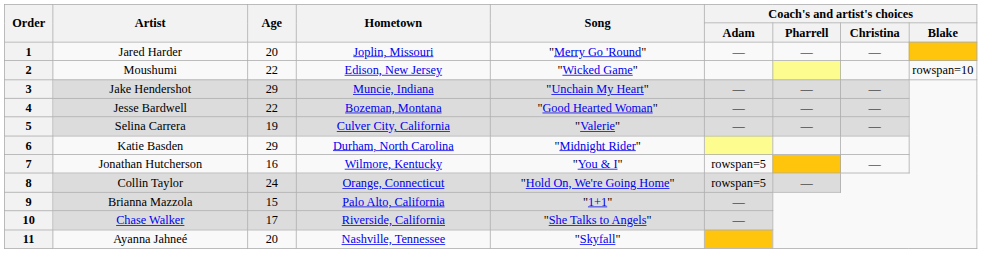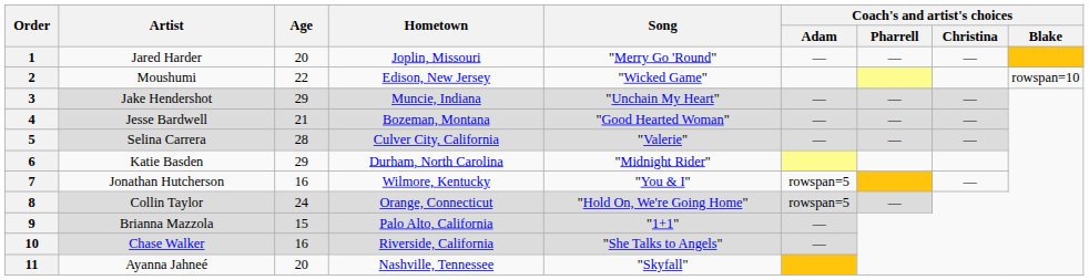 <table class="wikitable" style="text-align:center; line-height:17px; width:100%;">
 <tr>
 <th scope="col" rowspan="2" style="width:05%;">Order</th>
 <th scope="col" rowspan="2" style="width:20%;">Artist</th>
 <th scope="col" rowspan="2" style="width:05%;">Age</th>
 <th scope="col" rowspan="2" style="width:20%;">Hometown</th>
 <th scope="col" rowspan="2" style="width:22%;">Song</th>
 <th scope="col" colspan="4" style="width:28%;">Coach's and artist's choices</th>
 </tr>
 <tr>
 <th style="width:07%;">Adam</th>
 <th style="width:07%;">Pharrell</th>
 <th style="width:07%;">Christina</th>
 <th style="width:07%;">Blake</th>
 </tr>
 <tr>
 <th>1</th>
 <td>Jared Harder</td>
 <td>20</td>
 <td><a href='#'>Joplin, Missouri</a></td>
 <td>"<a href='#'>Merry Go 'Round</a>"</td>
 <td>—</td>
 <td>—</td>
 <td>—</td>
 <td style="background:#FFC40C;"><strong></strong></td>
 </tr>
 <tr>
 <th>2</th>
 <td>Moushumi</td>
 <td>22</td>
 <td><a href='#'>Edison, New Jersey</a></td>
 <td>"<a href='#'>Wicked Game</a>"</td>
 <td><strong></strong></td>
 <td style="background:#fdfc8f;"><strong></strong></td>
 <td><strong></strong></td>
 <td>rowspan=10 </td>
 </tr>
 <tr style="background:#DCDCDC;">
 <th>3</th>
 <td>Jake Hendershot</td>
 <td>29</td>
 <td><a href='#'>Muncie, Indiana</a></td>
 <td>"<a href='#'>Unchain My Heart</a>"</td>
 <td>—</td>
 <td>—</td>
 <td>—</td>
 </tr>
 <tr style="background:#DCDCDC;">
 <th>4</th>
 <td>Jesse Bardwell</td>
-<td>22</td>
+<td>21</td>
 <td><a href='#'>Bozeman, Montana</a></td>
 <td>"<a href='#'>Good Hearted Woman</a>"</td>
 <td>—</td>
 <td>—</td>
 <td>—</td>
 </tr>
 <tr style="background:#DCDCDC;">
 <th>5</th>
 <td>Selina Carrera</td>
-<td>19</td>
+<td>28</td>
 <td><a href='#'>Culver City, California</a></td>
 <td>"<a href='#'>Valerie</a>"</td>
 <td>—</td>
 <td>—</td>
 <td>—</td>
 </tr>
 <tr>
 <th>6</th>
 <td>Katie Basden</td>
 <td>29</td>
 <td><a href='#'>Durham, North Carolina</a></td>
 <td>"<a href='#'>Midnight Rider</a>"</td>
 <td style="background:#fdfc8f;"><strong></strong></td>
 <td><strong></strong></td>
 <td><strong></strong></td>
 </tr>
 <tr>
 <th>7</th>
 <td>Jonathan Hutcherson</td>
 <td>16</td>
 <td><a href='#'>Wilmore, Kentucky</a></td>
 <td>"<a href='#'>You & I</a>"</td>
 <td>rowspan=5 </td>
 <td style="background:#FFC40C;"><strong></strong></td>
 <td>—</td>
 </tr>
 <tr style="background:#DCDCDC;">
 <th>8</th>
 <td>Collin Taylor</td>
 <td>24</td>
 <td><a href='#'>Orange, Connecticut</a></td>
 <td>"<a href='#'>Hold On, We're Going Home</a>"</td>
 <td>rowspan=5 </td>
 <td>—</td>
 </tr>
 <tr style="background:#DCDCDC;">
 <th>9</th>
 <td>Brianna Mazzola</td>
 <td>15</td>
 <td><a href='#'>Palo Alto, California</a></td>
 <td>"<a href='#'>1+1</a>"</td>
 <td>—</td>
 </tr>
 <tr style="background:#DCDCDC;">
 <th>10</th>
 <td><a href='#'>Chase Walker</a></td>
-<td>17</td>
+<td>16</td>
 <td><a href='#'>Riverside, California</a></td>
 <td>"<a href='#'>She Talks to Angels</a>"</td>
 <td>—</td>
 </tr>
 <tr>
 <th>11</th>
 <td>Ayanna Jahneé</td>
 <td>20</td>
 <td><a href='#'>Nashville, Tennessee</a></td>
 <td>"<a href='#'>Skyfall</a>"</td>
 <td style="background:#FFC40C;"><strong></strong></td>
 </tr>
 </table>
